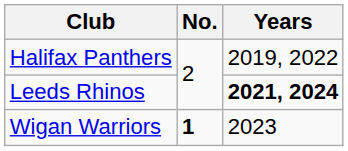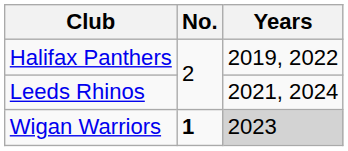 <table class="wikitable">
 <tr>
 <th>Club</th>
 <th>No.</th>
 <th>Years</th>
 </tr>
 <tr>
 <td> <a href='#'>Halifax Panthers</a></td>
 <td rowspan=2>2</td>
 <td>2019, 2022</td>
 </tr>
 <tr>
 <td> <a href='#'>Leeds Rhinos</a></td>
-<td><strong>2021, 2024</strong></td>
+<td>2021, 2024</td>
 </tr>
 <tr>
 <td> <a href='#'>Wigan Warriors</a></td>
 <td><strong>1</strong></td>
-<td>2023</td>
+<td style="background: lightgrey;">2023</td>
 </tr>
 </table>
